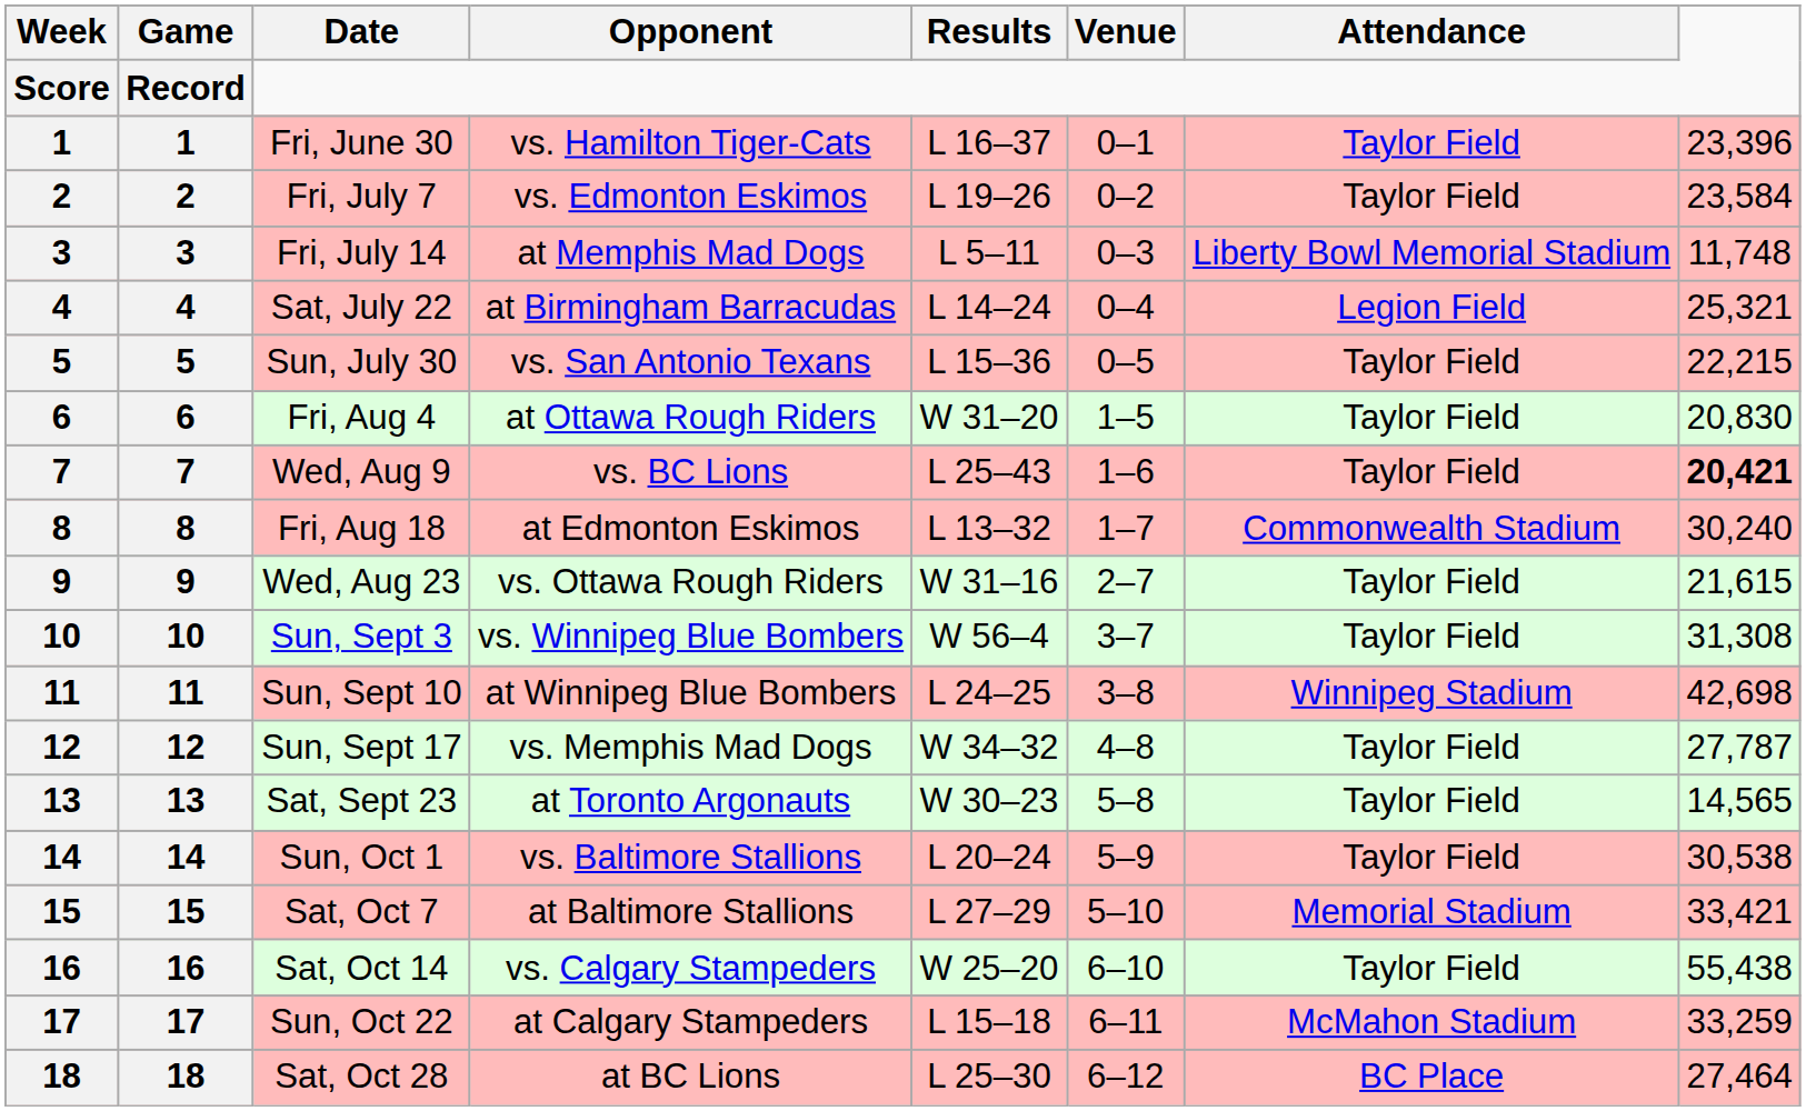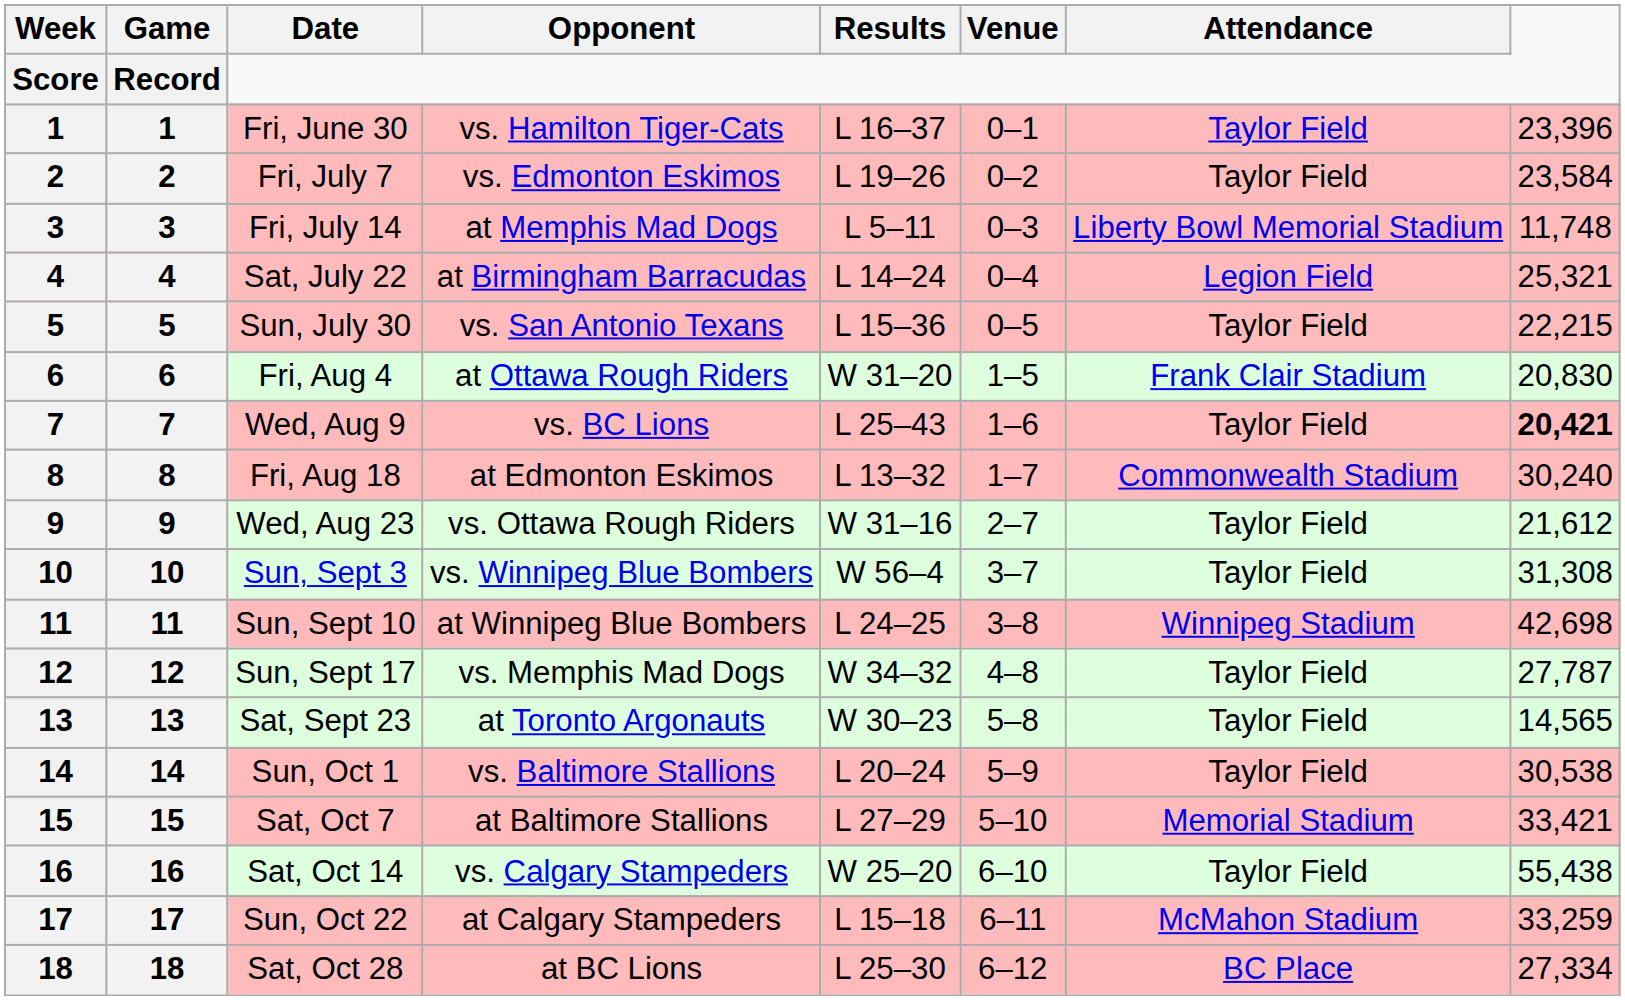 <table class="wikitable" style="text-align:center">
 <tr>
 <th>Week</th>
 <th>Game</th>
 <th>Date</th>
 <th>Opponent</th>
 <th>Results</th>
 <th>Venue</th>
 <th>Attendance</th>
 </tr>
 <tr>
 <th>Score</th>
 <th>Record</th>
 </tr>
 <tr style="background:#ffbbbb">
 <th>1</th>
 <th>1</th>
 <td>Fri, June 30</td>
 <td>vs. <a href='#'>Hamilton Tiger-Cats</a></td>
 <td>L 16–37</td>
 <td>0–1</td>
 <td><a href='#'>Taylor Field</a></td>
 <td>23,396</td>
 </tr>
 <tr style="background:#ffbbbb">
 <th>2</th>
 <th>2</th>
 <td>Fri, July 7</td>
 <td>vs. <a href='#'>Edmonton Eskimos</a></td>
 <td>L 19–26 </td>
 <td>0–2</td>
 <td>Taylor Field</td>
 <td>23,584</td>
 </tr>
 <tr style="background:#ffbbbb">
 <th>3</th>
 <th>3</th>
 <td>Fri, July 14</td>
 <td>at <a href='#'>Memphis Mad Dogs</a></td>
 <td>L 5–11</td>
 <td>0–3</td>
 <td><a href='#'>Liberty Bowl Memorial Stadium</a></td>
 <td>11,748</td>
 </tr>
 <tr style="background:#ffbbbb">
 <th>4</th>
 <th>4</th>
 <td>Sat, July 22</td>
 <td>at <a href='#'>Birmingham Barracudas</a></td>
 <td>L 14–24</td>
 <td>0–4</td>
 <td><a href='#'>Legion Field</a></td>
 <td>25,321</td>
 </tr>
 <tr style="background:#ffbbbb">
 <th>5</th>
 <th>5</th>
 <td>Sun, July 30</td>
 <td>vs. <a href='#'>San Antonio Texans</a></td>
 <td>L 15–36</td>
 <td>0–5</td>
 <td>Taylor Field</td>
 <td>22,215</td>
 </tr>
 <tr style="background:#ddffdd">
 <th>6</th>
 <th>6</th>
 <td>Fri, Aug 4</td>
 <td>at <a href='#'>Ottawa Rough Riders</a></td>
 <td>W 31–20</td>
 <td>1–5</td>
-<td>Taylor Field</td>
+<td><a href='#'>Frank Clair Stadium</a></td>
 <td>20,830</td>
 </tr>
 <tr style="background:#ffbbbb">
 <th>7</th>
 <th>7</th>
 <td>Wed, Aug 9</td>
 <td>vs. <a href='#'>BC Lions</a></td>
 <td>L 25–43</td>
 <td>1–6</td>
 <td>Taylor Field</td>
 <td><strong>20,421</strong></td>
 </tr>
 <tr style="background:#ffbbbb">
 <th>8</th>
 <th>8</th>
 <td>Fri, Aug 18</td>
 <td>at Edmonton Eskimos</td>
 <td>L 13–32</td>
 <td>1–7</td>
 <td><a href='#'>Commonwealth Stadium</a></td>
 <td>30,240</td>
 </tr>
 <tr style="background:#ddffdd">
 <th>9</th>
 <th>9</th>
 <td>Wed, Aug 23</td>
 <td>vs. Ottawa Rough Riders</td>
 <td>W 31–16</td>
 <td>2–7</td>
 <td>Taylor Field</td>
-<td>21,615</td>
+<td>21,612</td>
 </tr>
 <tr style="background:#ddffdd">
 <th>10</th>
 <th>10</th>
 <td><a href='#'>Sun, Sept 3</a></td>
 <td>vs. <a href='#'>Winnipeg Blue Bombers</a></td>
 <td>W 56–4</td>
 <td>3–7</td>
 <td>Taylor Field</td>
 <td>31,308</td>
 </tr>
 <tr align="center" bgcolor="#ffbbbb">
 <th>11</th>
 <th>11</th>
 <td>Sun, Sept 10</td>
 <td>at Winnipeg Blue Bombers</td>
 <td>L 24–25</td>
 <td>3–8</td>
 <td><a href='#'>Winnipeg Stadium</a></td>
 <td>42,698</td>
 </tr>
 <tr style="background:#ddffdd">
 <th>12</th>
 <th>12</th>
 <td>Sun, Sept 17</td>
 <td>vs. Memphis Mad Dogs</td>
 <td>W 34–32</td>
 <td>4–8</td>
 <td>Taylor Field</td>
 <td>27,787</td>
 </tr>
 <tr style="background:#ddffdd">
 <th>13</th>
 <th>13</th>
 <td>Sat, Sept 23</td>
 <td>at <a href='#'>Toronto Argonauts</a></td>
 <td>W 30–23</td>
 <td>5–8</td>
 <td>Taylor Field</td>
 <td>14,565</td>
 </tr>
 <tr style="background:#ffbbbb">
 <th>14</th>
 <th>14</th>
 <td>Sun, Oct 1</td>
 <td>vs. <a href='#'>Baltimore Stallions</a></td>
 <td>L 20–24</td>
 <td>5–9</td>
 <td>Taylor Field</td>
 <td>30,538</td>
 </tr>
 <tr style="background:#ffbbbb">
 <th>15</th>
 <th>15</th>
 <td>Sat, Oct 7</td>
 <td>at Baltimore Stallions</td>
 <td>L 27–29</td>
 <td>5–10</td>
 <td><a href='#'>Memorial Stadium</a></td>
 <td>33,421</td>
 </tr>
 <tr style="background:#ddffdd">
 <th>16</th>
 <th>16</th>
 <td>Sat, Oct 14</td>
 <td>vs. <a href='#'>Calgary Stampeders</a></td>
 <td>W 25–20</td>
 <td>6–10</td>
 <td>Taylor Field</td>
 <td>55,438</td>
 </tr>
 <tr style="background:#ffbbbb">
 <th>17</th>
 <th>17</th>
 <td>Sun, Oct 22</td>
 <td>at Calgary Stampeders</td>
 <td>L 15–18</td>
 <td>6–11</td>
 <td><a href='#'>McMahon Stadium</a></td>
 <td>33,259</td>
 </tr>
 <tr style="background:#ffbbbb">
 <th>18</th>
 <th>18</th>
 <td>Sat, Oct 28</td>
 <td>at BC Lions</td>
 <td>L 25–30</td>
 <td>6–12</td>
 <td><a href='#'>BC Place</a></td>
-<td>27,464</td>
+<td>27,334</td>
 </tr>
 </table>
